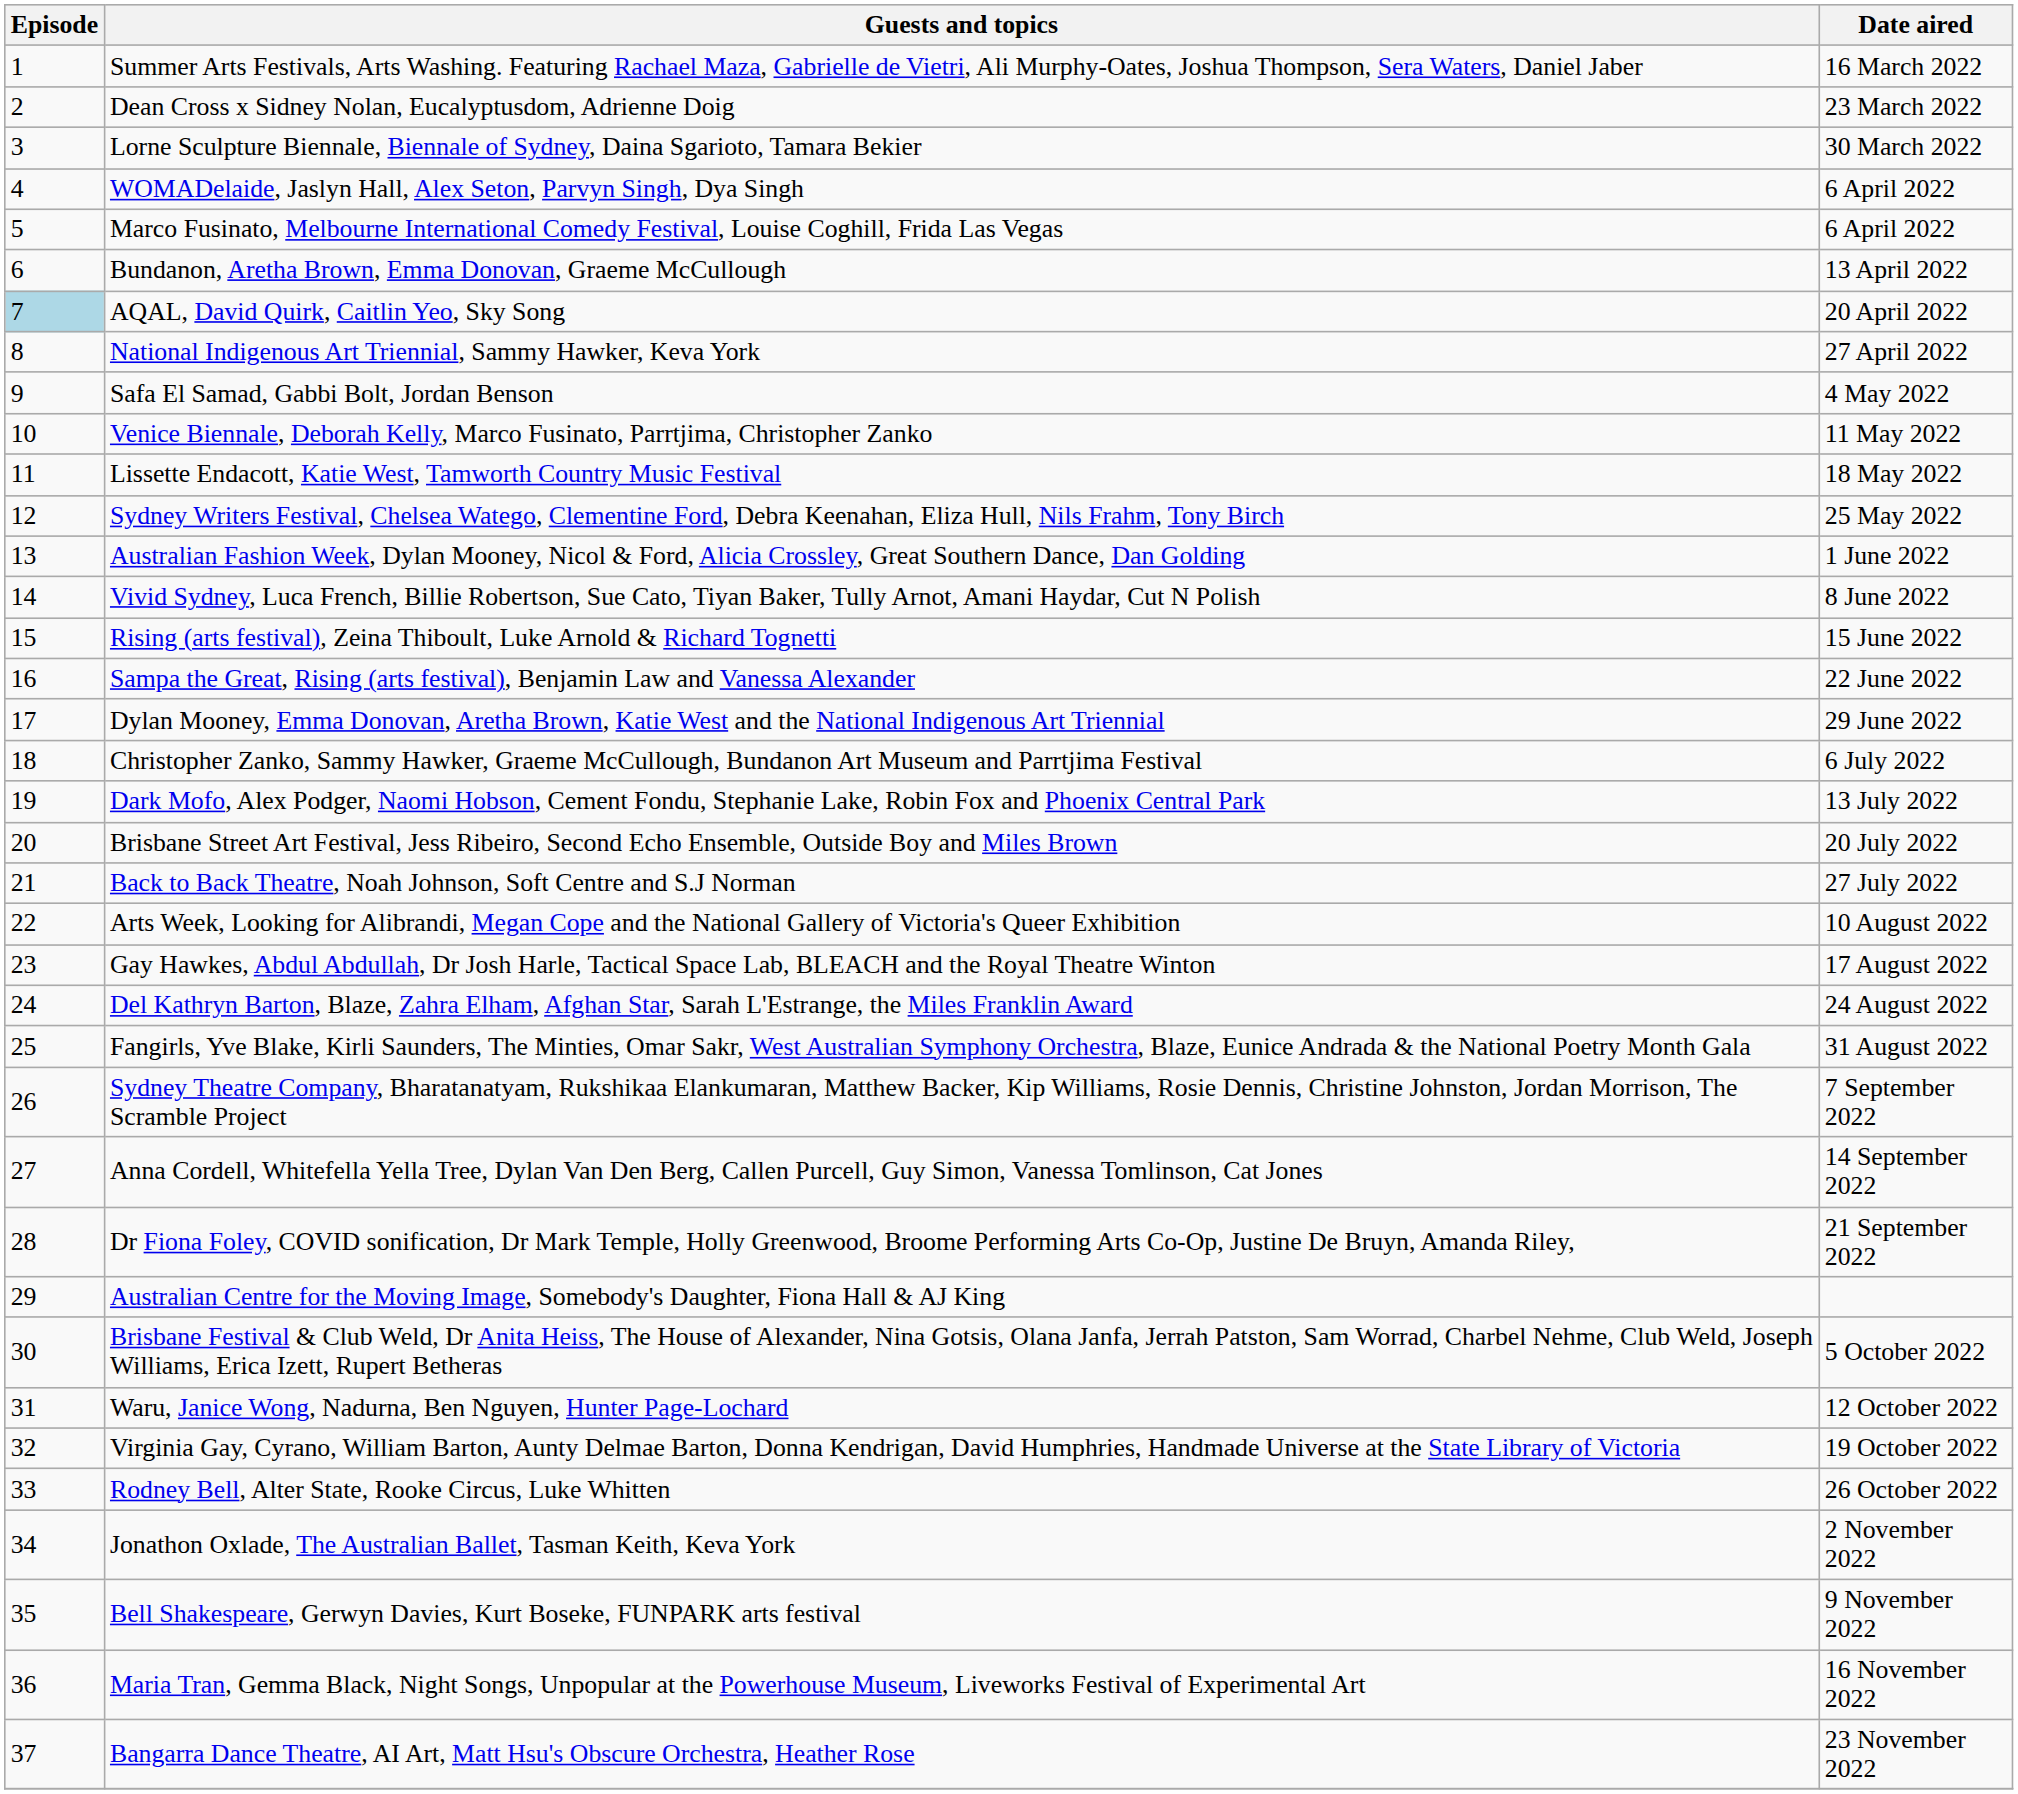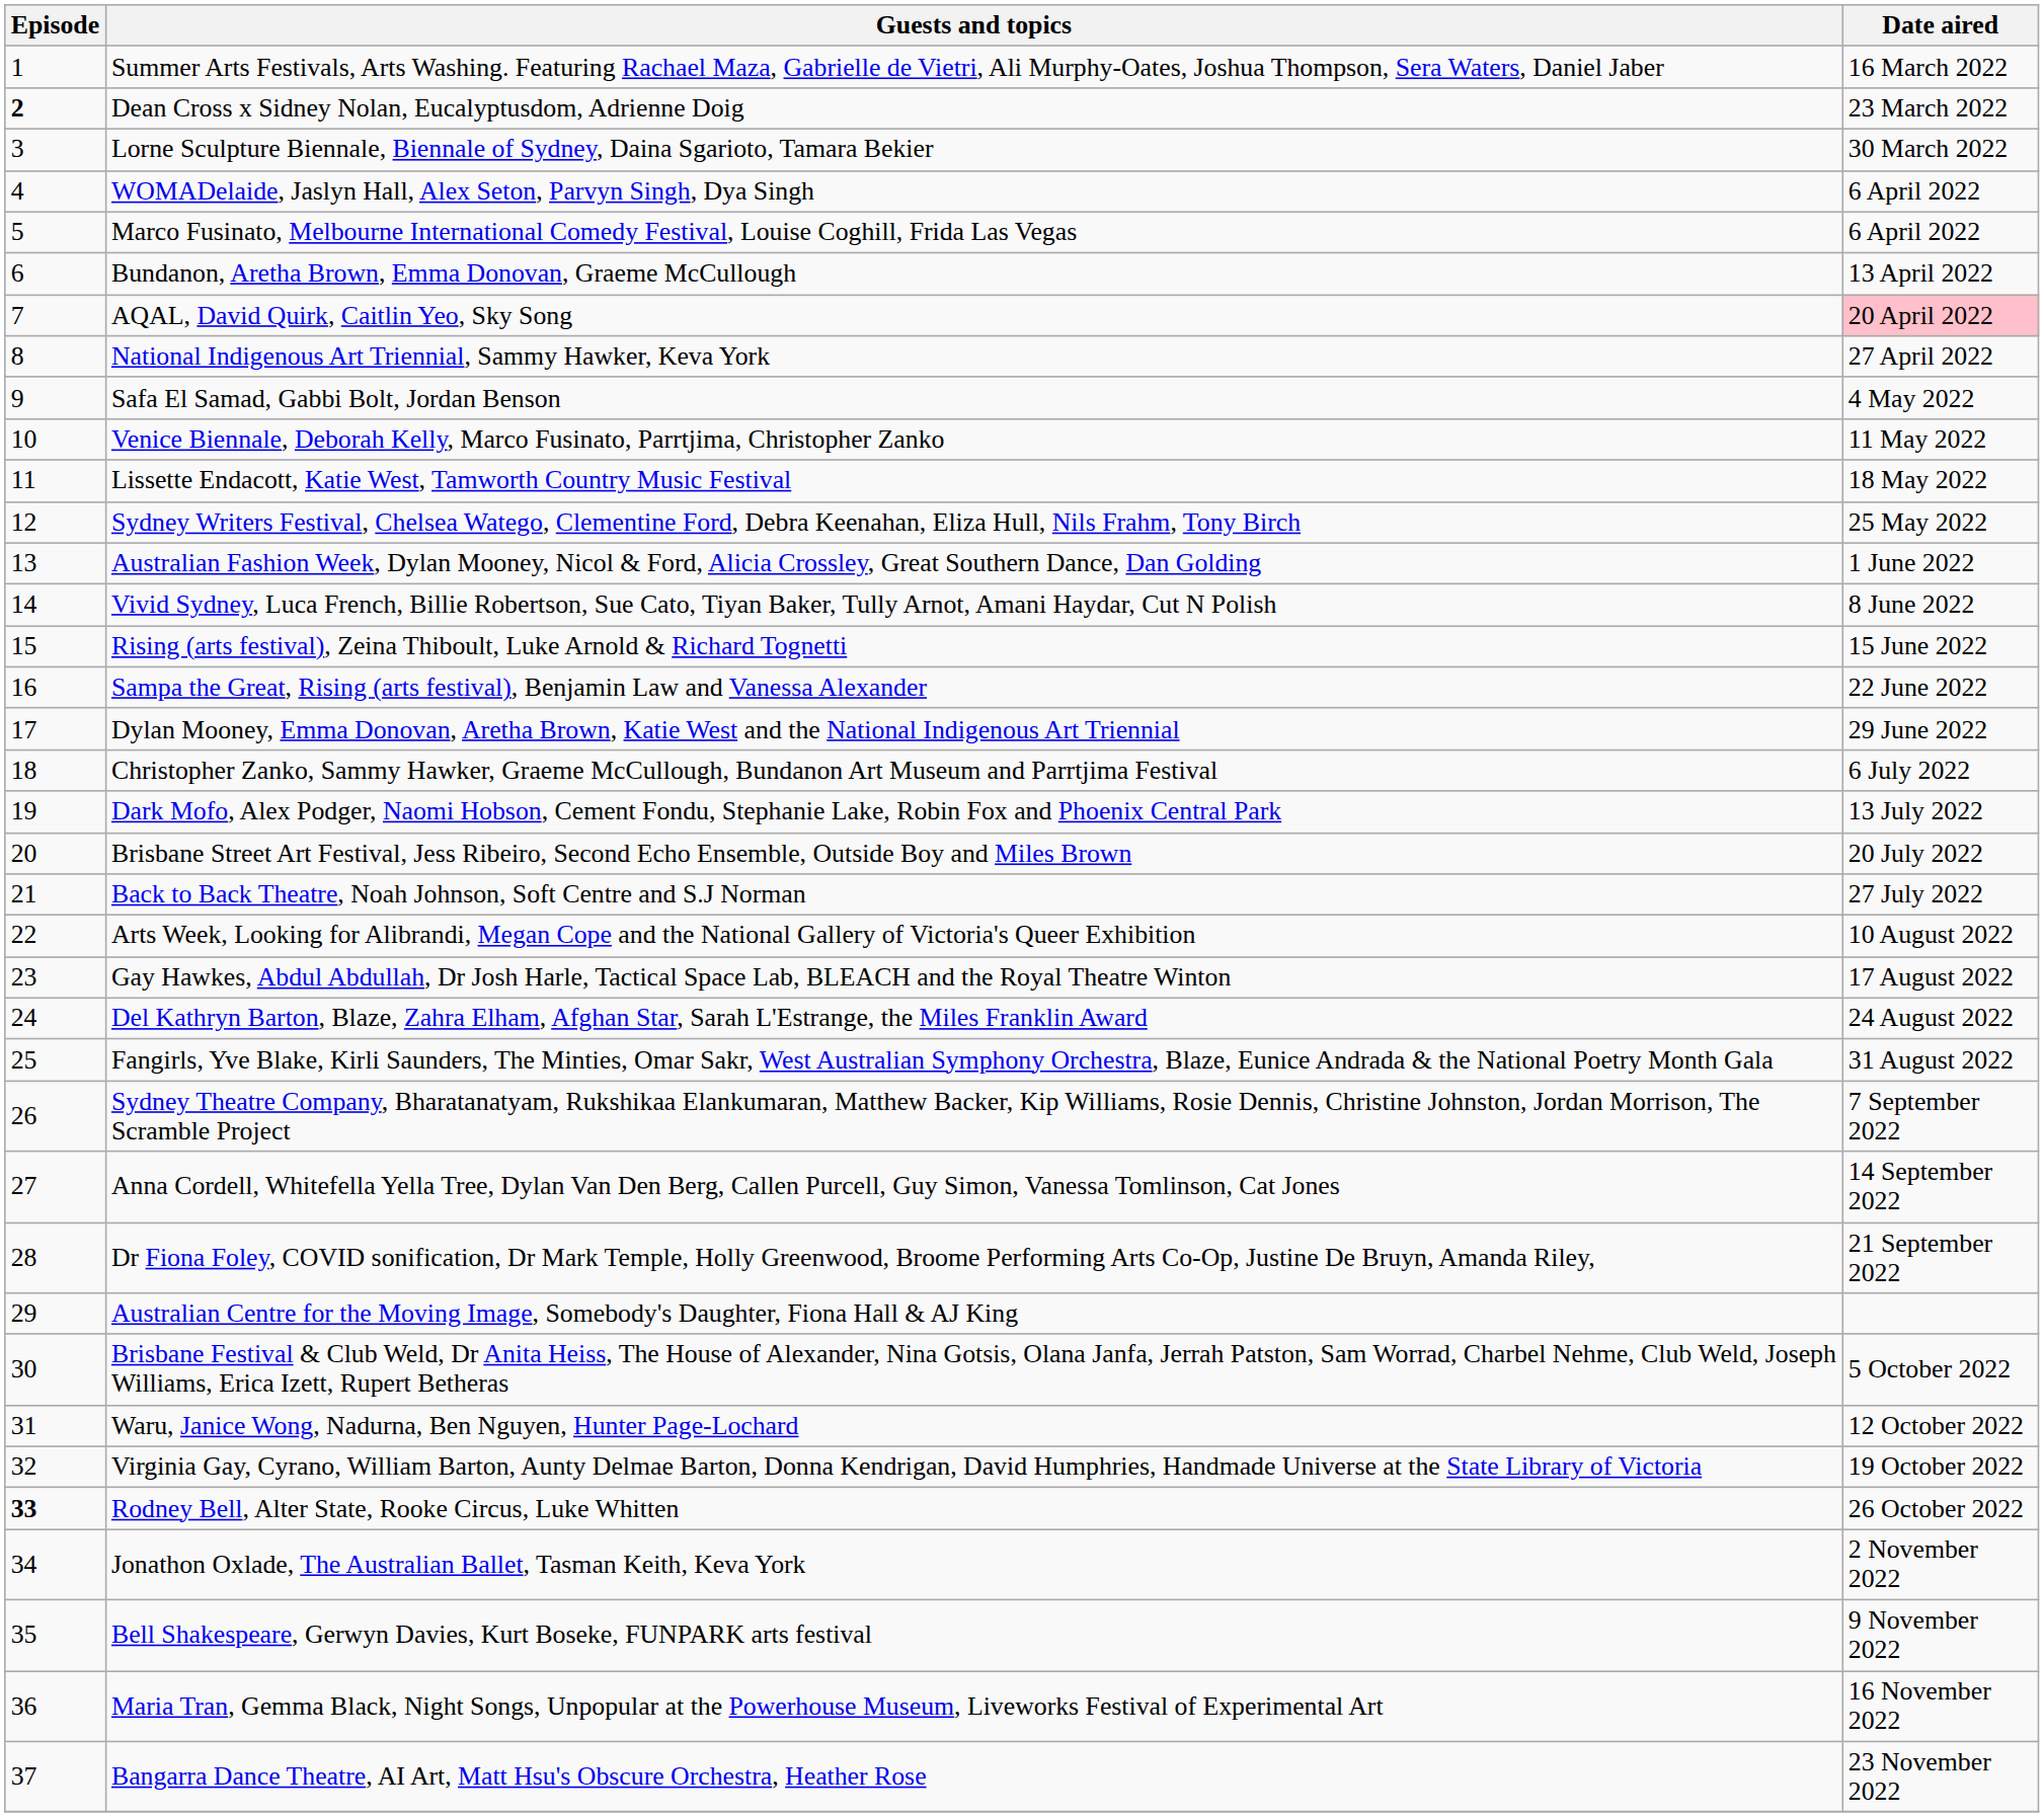 <table class="wikitable sortable">
 <tr>
 <th>Episode</th>
 <th>Guests and topics</th>
 <th>Date aired</th>
 </tr>
 <tr>
 <td>1</td>
 <td>Summer Arts Festivals, Arts Washing. Featuring <a href='#'>Rachael Maza</a>, <a href='#'>Gabrielle de Vietri</a>, Ali Murphy-Oates, Joshua Thompson, <a href='#'>Sera Waters</a>, Daniel Jaber</td>
 <td>16 March 2022</td>
 </tr>
 <tr>
-<td>2</td>
+<td><strong>2</strong></td>
 <td>Dean Cross x Sidney Nolan, Eucalyptusdom, Adrienne Doig</td>
 <td>23 March 2022</td>
 </tr>
 <tr>
 <td>3</td>
 <td>Lorne Sculpture Biennale, <a href='#'>Biennale of Sydney</a>, Daina Sgarioto, Tamara Bekier</td>
 <td>30 March 2022</td>
 </tr>
 <tr>
 <td>4</td>
 <td><a href='#'>WOMADelaide</a>, Jaslyn Hall, <a href='#'>Alex Seton</a>, <a href='#'>Parvyn Singh</a>, Dya Singh</td>
 <td>6 April 2022</td>
 </tr>
 <tr>
 <td>5</td>
 <td>Marco Fusinato, <a href='#'>Melbourne International Comedy Festival</a>, Louise Coghill, Frida Las Vegas</td>
 <td>6 April 2022</td>
 </tr>
 <tr>
 <td>6</td>
 <td>Bundanon, <a href='#'>Aretha Brown</a>, <a href='#'>Emma Donovan</a>, Graeme McCullough</td>
 <td>13 April 2022</td>
 </tr>
 <tr>
-<td style="background: lightblue;">7</td>
+<td>7</td>
 <td>AQAL, <a href='#'>David Quirk</a>, <a href='#'>Caitlin Yeo</a>, Sky Song</td>
-<td>20 April 2022</td>
+<td style="background: pink;">20 April 2022</td>
 </tr>
 <tr>
 <td>8</td>
 <td><a href='#'>National Indigenous Art Triennial</a>, Sammy Hawker, Keva York</td>
 <td>27 April 2022</td>
 </tr>
 <tr>
 <td>9</td>
 <td>Safa El Samad, Gabbi Bolt, Jordan Benson</td>
 <td>4 May 2022</td>
 </tr>
 <tr>
 <td>10</td>
 <td><a href='#'>Venice Biennale</a>, <a href='#'>Deborah Kelly</a>, Marco Fusinato, Parrtjima, Christopher Zanko</td>
 <td>11 May 2022</td>
 </tr>
 <tr>
 <td>11</td>
 <td>Lissette Endacott, <a href='#'>Katie West</a>, <a href='#'>Tamworth Country Music Festival</a></td>
 <td>18 May 2022</td>
 </tr>
 <tr>
 <td>12</td>
 <td><a href='#'>Sydney Writers Festival</a>, <a href='#'>Chelsea Watego</a>, <a href='#'>Clementine Ford</a>, Debra Keenahan, Eliza Hull, <a href='#'>Nils Frahm</a>, <a href='#'>Tony Birch</a></td>
 <td>25 May 2022</td>
 </tr>
 <tr>
 <td>13</td>
 <td><a href='#'>Australian Fashion Week</a>, Dylan Mooney, Nicol & Ford, <a href='#'>Alicia Crossley</a>, Great Southern Dance, <a href='#'>Dan Golding</a></td>
 <td>1 June 2022</td>
 </tr>
 <tr>
 <td>14</td>
 <td><a href='#'>Vivid Sydney</a>, Luca French, Billie Robertson, Sue Cato, Tiyan Baker, Tully Arnot, Amani Haydar, Cut N Polish</td>
 <td>8 June 2022</td>
 </tr>
 <tr>
 <td>15</td>
 <td><a href='#'>Rising (arts festival)</a>, Zeina Thiboult, Luke Arnold & <a href='#'>Richard Tognetti</a></td>
 <td>15 June 2022</td>
 </tr>
 <tr>
 <td>16</td>
 <td><a href='#'>Sampa the Great</a>, <a href='#'>Rising (arts festival)</a>, Benjamin Law and <a href='#'>Vanessa Alexander</a></td>
 <td>22 June 2022</td>
 </tr>
 <tr>
 <td>17</td>
 <td>Dylan Mooney, <a href='#'>Emma Donovan</a>, <a href='#'>Aretha Brown</a>, <a href='#'>Katie West</a> and the <a href='#'>National Indigenous Art Triennial</a></td>
 <td>29 June 2022</td>
 </tr>
 <tr>
 <td>18</td>
 <td>Christopher Zanko, Sammy Hawker, Graeme McCullough, Bundanon Art Museum and Parrtjima Festival</td>
 <td>6 July 2022</td>
 </tr>
 <tr>
 <td>19</td>
 <td><a href='#'>Dark Mofo</a>, Alex Podger, <a href='#'>Naomi Hobson</a>, Cement Fondu, Stephanie Lake, Robin Fox and <a href='#'>Phoenix Central Park</a></td>
 <td>13 July 2022</td>
 </tr>
 <tr>
 <td>20</td>
 <td>Brisbane Street Art Festival, Jess Ribeiro, Second Echo Ensemble, Outside Boy and <a href='#'>Miles Brown</a></td>
 <td>20 July 2022</td>
 </tr>
 <tr>
 <td>21</td>
 <td><a href='#'>Back to Back Theatre</a>, Noah Johnson, Soft Centre and S.J Norman</td>
 <td>27 July 2022</td>
 </tr>
 <tr>
 <td>22</td>
 <td>Arts Week, Looking for Alibrandi, <a href='#'>Megan Cope</a> and the National Gallery of Victoria's Queer Exhibition</td>
 <td>10 August 2022</td>
 </tr>
 <tr>
 <td>23</td>
 <td>Gay Hawkes, <a href='#'>Abdul Abdullah</a>, Dr Josh Harle, Tactical Space Lab, BLEACH and the Royal Theatre Winton</td>
 <td>17 August 2022</td>
 </tr>
 <tr>
 <td>24</td>
 <td><a href='#'>Del Kathryn Barton</a>, Blaze, <a href='#'>Zahra Elham</a>, <a href='#'>Afghan Star</a>, Sarah L'Estrange, the <a href='#'>Miles Franklin Award</a></td>
 <td>24 August 2022</td>
 </tr>
 <tr>
 <td>25</td>
 <td>Fangirls, Yve Blake, Kirli Saunders, The Minties, Omar Sakr, <a href='#'>West Australian Symphony Orchestra</a>, Blaze, Eunice Andrada & the National Poetry Month Gala</td>
 <td>31 August 2022</td>
 </tr>
 <tr>
 <td>26</td>
 <td><a href='#'>Sydney Theatre Company</a>, Bharatanatyam, Rukshikaa Elankumaran, Matthew Backer, Kip Williams, Rosie Dennis, Christine Johnston, Jordan Morrison, The Scramble Project</td>
 <td>7 September 2022</td>
 </tr>
 <tr>
 <td>27</td>
 <td>Anna Cordell, Whitefella Yella Tree, Dylan Van Den Berg, Callen Purcell, Guy Simon, Vanessa Tomlinson, Cat Jones</td>
 <td>14 September 2022</td>
 </tr>
 <tr>
 <td>28</td>
 <td>Dr <a href='#'>Fiona Foley</a>, COVID sonification, Dr Mark Temple, Holly Greenwood, Broome Performing Arts Co-Op, Justine De Bruyn, Amanda Riley,</td>
 <td>21 September 2022</td>
 </tr>
 <tr>
 <td>29</td>
 <td><a href='#'>Australian Centre for the Moving Image</a>, Somebody's Daughter, Fiona Hall & AJ King</td>
 <td></td>
 </tr>
 <tr>
 <td>30</td>
 <td><a href='#'>Brisbane Festival</a> & Club Weld, Dr <a href='#'>Anita Heiss</a>, The House of Alexander, Nina Gotsis, Olana Janfa, Jerrah Patston, Sam Worrad, Charbel Nehme, Club Weld, Joseph Williams, Erica Izett, Rupert Betheras</td>
 <td>5 October 2022</td>
 </tr>
 <tr>
 <td>31</td>
 <td>Waru, <a href='#'>Janice Wong</a>, Nadurna, Ben Nguyen, <a href='#'>Hunter Page-Lochard</a></td>
 <td>12 October 2022</td>
 </tr>
 <tr>
 <td>32</td>
 <td>Virginia Gay, Cyrano, William Barton, Aunty Delmae Barton, Donna Kendrigan, David Humphries, Handmade Universe at the <a href='#'>State Library of Victoria</a></td>
 <td>19 October 2022</td>
 </tr>
 <tr>
-<td>33</td>
+<td><strong>33</strong></td>
 <td><a href='#'>Rodney Bell</a>, Alter State, Rooke Circus, Luke Whitten</td>
 <td>26 October 2022</td>
 </tr>
 <tr>
 <td>34</td>
 <td>Jonathon Oxlade, <a href='#'>The Australian Ballet</a>, Tasman Keith, Keva York</td>
 <td>2 November 2022</td>
 </tr>
 <tr>
 <td>35</td>
 <td><a href='#'>Bell Shakespeare</a>, Gerwyn Davies, Kurt Boseke, FUNPARK arts festival</td>
 <td>9 November 2022</td>
 </tr>
 <tr>
 <td>36</td>
 <td><a href='#'>Maria Tran</a>, Gemma Black, Night Songs, Unpopular at the <a href='#'>Powerhouse Museum</a>, Liveworks Festival of Experimental Art</td>
 <td>16 November 2022</td>
 </tr>
 <tr>
 <td>37</td>
 <td><a href='#'>Bangarra Dance Theatre</a>, AI Art, <a href='#'>Matt Hsu's Obscure Orchestra</a>, <a href='#'>Heather Rose</a></td>
 <td>23 November 2022</td>
 </tr>
 <tr>
 </tr>
 </table>
